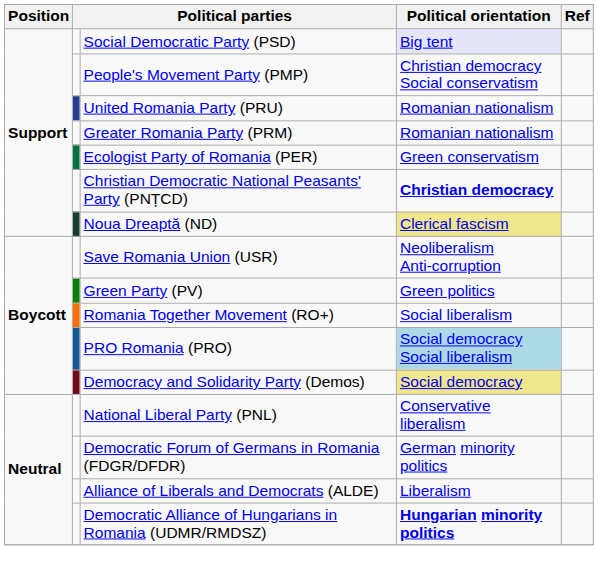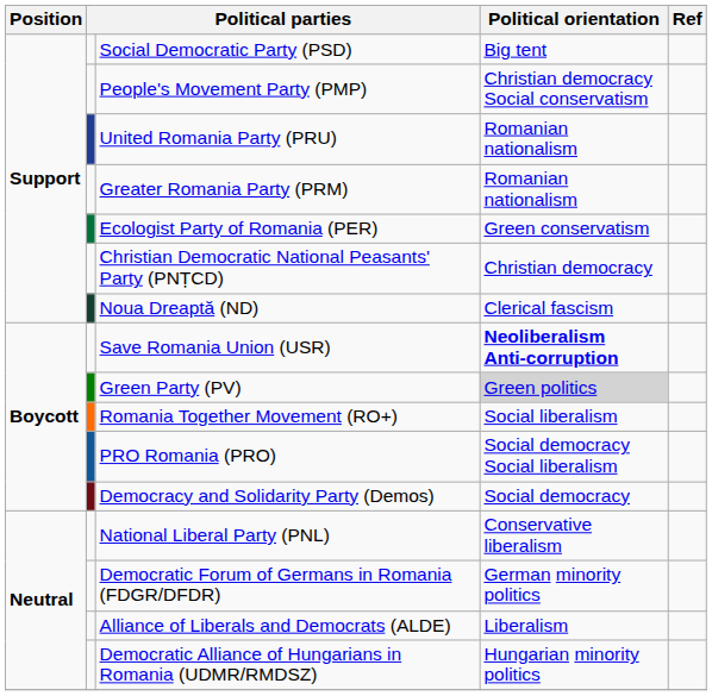 <table class="wikitable sortable">
 <tr>
 <th>Position</th>
 <th colspan="2">Political parties</th>
 <th>Political orientation</th>
 <th>Ref</th>
 </tr>
 <tr>
 <td rowspan="7"> <strong>Support</strong></td>
 <td style="background-color:"></td>
 <td><a href='#'>Social Democratic Party</a> (PSD)</td>
-<td style="background: lavender;"><a href='#'>Big tent</a></td>
+<td><a href='#'>Big tent</a></td>
 <td></td>
 </tr>
 <tr>
 <td style="background-color:"></td>
 <td><a href='#'>People's Movement Party</a> (PMP)</td>
 <td><a href='#'>Christian democracy</a><br><a href='#'>Social conservatism</a></td>
 <td></td>
 </tr>
 <tr>
 <td style="background-color:#213C93"></td>
 <td><a href='#'>United Romania Party</a> (PRU)</td>
 <td><a href='#'>Romanian nationalism</a></td>
 <td></td>
 </tr>
 <tr>
 <td style="background-color:"></td>
 <td><a href='#'>Greater Romania Party</a> (PRM)</td>
 <td><a href='#'>Romanian nationalism</a></td>
 <td></td>
 </tr>
 <tr>
 <td style="background-color:#00733C"></td>
 <td><a href='#'>Ecologist Party of Romania</a> (PER)</td>
 <td><a href='#'>Green conservatism</a></td>
 <td></td>
 </tr>
 <tr>
 <td></td>
 <td><a href='#'>Christian Democratic National Peasants' Party</a> (PNȚCD)</td>
-<td><strong><a href='#'>Christian democracy</a></strong></td>
+<td><a href='#'>Christian democracy</a></td>
 <td></td>
 </tr>
 <tr>
 <td style="background-color:#143F2E"></td>
 <td><a href='#'>Noua Dreaptă</a> (ND)</td>
-<td style="background: khaki;"><a href='#'>Clerical fascism</a></td>
+<td><a href='#'>Clerical fascism</a></td>
 <td></td>
 </tr>
 <tr>
 <td rowspan="5"> <strong>Boycott</strong></td>
 <td style="background-color:"></td>
 <td><a href='#'>Save Romania Union</a> (USR)</td>
-<td><a href='#'>Neoliberalism</a><br><a href='#'>Anti-corruption</a></td>
+<td><strong><a href='#'>Neoliberalism</a><br><a href='#'>Anti-corruption</a></strong></td>
 <td></td>
 </tr>
 <tr>
 <td style="background-color:green"></td>
 <td><a href='#'>Green Party</a> (PV)</td>
-<td><a href='#'>Green politics</a></td>
+<td style="background: lightgrey;"><a href='#'>Green politics</a></td>
 <td></td>
 </tr>
 <tr>
 <td style="background-color:#FF6C00"></td>
 <td><a href='#'>Romania Together Movement</a> (RO+)</td>
 <td><a href='#'>Social liberalism</a></td>
 <td></td>
 </tr>
 <tr>
 <td style="background-color: #105898"></td>
 <td><a href='#'>PRO Romania</a> (PRO)</td>
-<td style="background: lightblue;"><a href='#'>Social democracy</a><br><a href='#'>Social liberalism</a></td>
+<td><a href='#'>Social democracy</a><br><a href='#'>Social liberalism</a></td>
 <td></td>
 </tr>
 <tr>
 <td style="background-color:#6E0B14"></td>
 <td><a href='#'>Democracy and Solidarity Party</a> (Demos)</td>
-<td style="background: khaki;"><a href='#'>Social democracy</a></td>
+<td><a href='#'>Social democracy</a></td>
 <td></td>
 </tr>
 <tr>
 <td rowspan="4"> <strong>Neutral</strong></td>
 <td style="background-color:"></td>
 <td><a href='#'>National Liberal Party</a> (PNL)</td>
 <td><a href='#'>Conservative liberalism</a></td>
 <td></td>
 </tr>
 <tr>
 <td></td>
 <td><a href='#'>Democratic Forum of Germans in Romania</a> (FDGR/DFDR)</td>
 <td><a href='#'>German</a> <a href='#'>minority politics</a></td>
 <td></td>
 </tr>
 <tr>
 <td style="background-color:"></td>
 <td><a href='#'>Alliance of Liberals and Democrats</a> (ALDE)</td>
 <td><a href='#'>Liberalism</a></td>
 <td></td>
 </tr>
 <tr>
 <td style="background-color:"></td>
 <td><a href='#'>Democratic Alliance of Hungarians in Romania</a> (UDMR/RMDSZ)</td>
-<td><strong><a href='#'>Hungarian</a> <a href='#'>minority politics</a></strong></td>
+<td><a href='#'>Hungarian</a> <a href='#'>minority politics</a></td>
 <td></td>
 </tr>
 <tr>
 </tr>
 </table>
